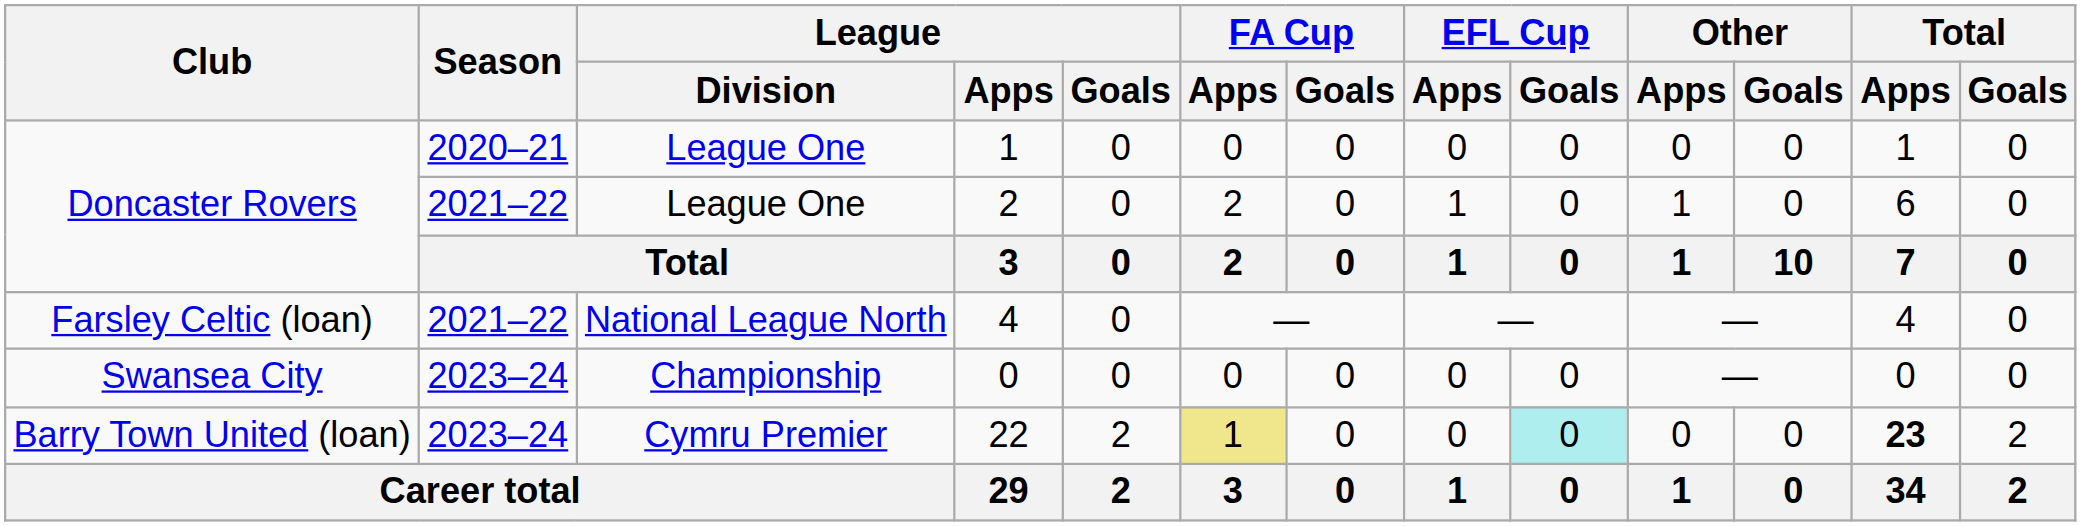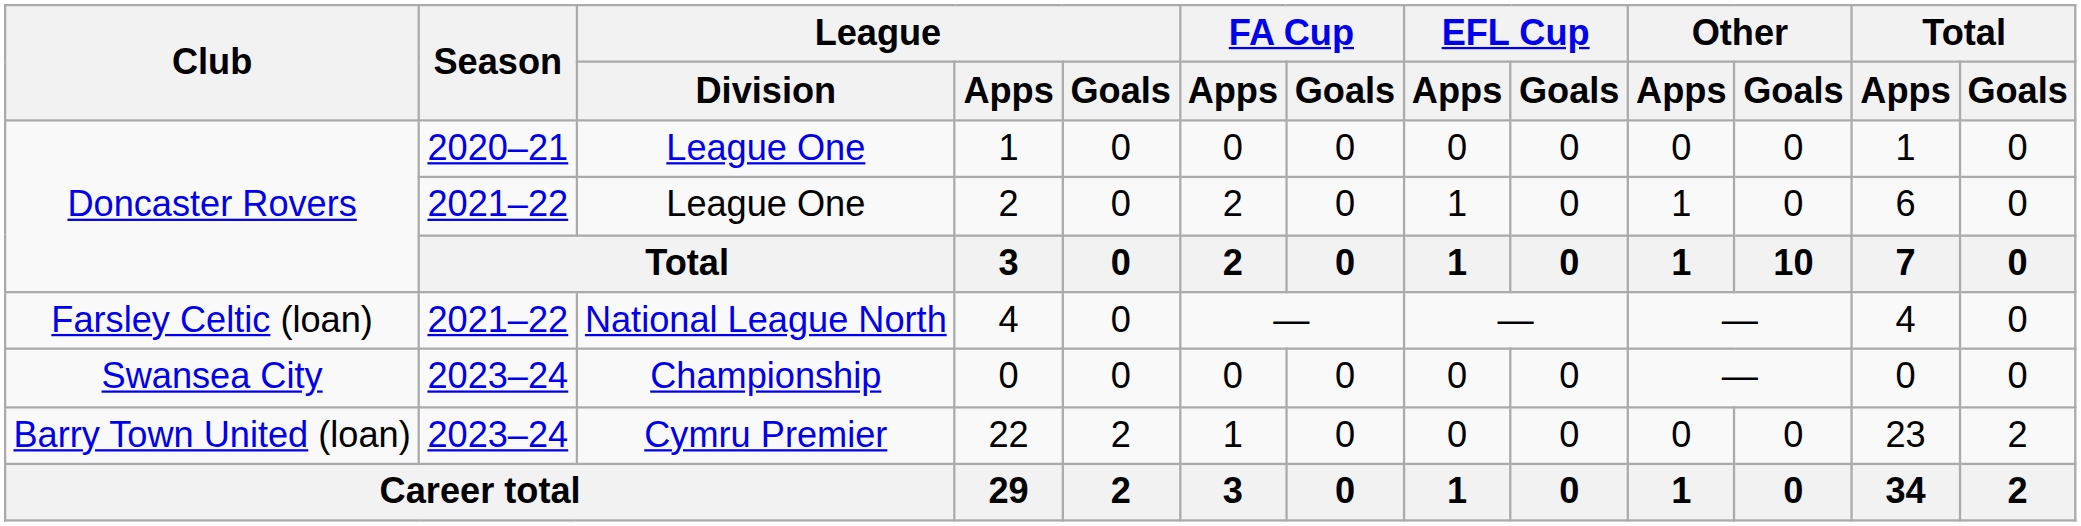 <table class="wikitable" style="text-align: center">
 <tr>
 <th rowspan="2">Club</th>
 <th rowspan="2">Season</th>
 <th colspan="3">League</th>
 <th colspan="2"><a href='#'>FA Cup</a></th>
 <th colspan="2"><a href='#'>EFL Cup</a></th>
 <th colspan="2">Other</th>
 <th colspan="2">Total</th>
 </tr>
 <tr>
 <th>Division</th>
 <th>Apps</th>
 <th>Goals</th>
 <th>Apps</th>
 <th>Goals</th>
 <th>Apps</th>
 <th>Goals</th>
 <th>Apps</th>
 <th>Goals</th>
 <th>Apps</th>
 <th>Goals</th>
 </tr>
 <tr>
 <td rowspan="3"><a href='#'>Doncaster Rovers</a></td>
 <td><a href='#'>2020–21</a></td>
 <td><a href='#'>League One</a></td>
 <td>1</td>
 <td>0</td>
 <td>0</td>
 <td>0</td>
 <td>0</td>
 <td>0</td>
 <td>0</td>
 <td>0</td>
 <td>1</td>
 <td>0</td>
 </tr>
 <tr>
 <td><a href='#'>2021–22</a></td>
 <td>League One</td>
 <td>2</td>
 <td>0</td>
 <td>2</td>
 <td>0</td>
 <td>1</td>
 <td>0</td>
 <td>1</td>
 <td>0</td>
 <td>6</td>
 <td>0</td>
 </tr>
 <tr>
 <th colspan=2>Total</th>
 <th>3</th>
 <th>0</th>
 <th>2</th>
 <th>0</th>
 <th>1</th>
 <th>0</th>
 <th>1</th>
 <th>10</th>
 <th>7</th>
 <th>0</th>
 </tr>
 <tr>
 <td><a href='#'>Farsley Celtic</a> (loan)</td>
 <td><a href='#'>2021–22</a></td>
 <td><a href='#'>National League North</a></td>
 <td>4</td>
 <td>0</td>
 <td colspan=2>—</td>
 <td colspan=2>—</td>
 <td colspan=2>—</td>
 <td>4</td>
 <td>0</td>
 </tr>
 <tr>
 <td><a href='#'>Swansea City</a></td>
 <td><a href='#'>2023–24</a></td>
 <td><a href='#'>Championship</a></td>
 <td>0</td>
 <td>0</td>
 <td>0</td>
 <td>0</td>
 <td>0</td>
 <td>0</td>
 <td colspan="2">—</td>
 <td>0</td>
 <td>0</td>
 </tr>
 <tr>
 <td><a href='#'>Barry Town United</a> (loan)</td>
 <td><a href='#'>2023–24</a></td>
 <td><a href='#'>Cymru Premier</a></td>
 <td>22</td>
 <td>2</td>
-<td style="background: khaki;">1</td>
+<td>1</td>
 <td>0</td>
 <td>0</td>
-<td style="background: paleturquoise;">0</td>
 <td>0</td>
 <td>0</td>
-<td><strong>23</strong></td>
+<td>0</td>
+<td>23</td>
 <td>2</td>
 </tr>
 <tr>
 <th colspan="3">Career total</th>
 <th>29</th>
 <th>2</th>
 <th>3</th>
 <th>0</th>
 <th>1</th>
 <th>0</th>
 <th>1</th>
 <th>0</th>
 <th>34</th>
 <th>2</th>
 </tr>
 </table>
